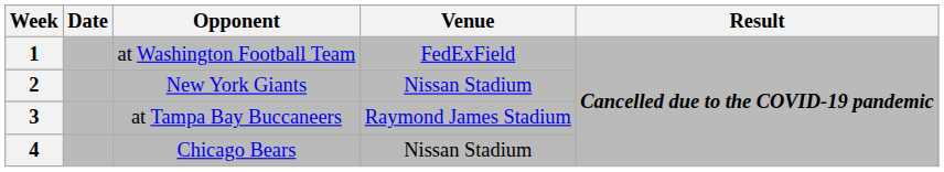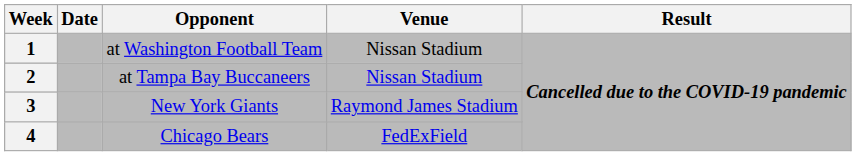 <table class="wikitable" style="text-align:center">
 <tr>
 <th>Week</th>
 <th>Date</th>
 <th>Opponent</th>
 <th>Venue</th>
 <th>Result</th>
 </tr>
 <tr style="background:#bababa">
 <th>1</th>
 <td></td>
 <td>at <a href='#'>Washington Football Team</a></td>
-<td><a href='#'>FedExField</a></td>
+<td>Nissan Stadium</td>
 <td rowspan=4><strong><em>Cancelled due to the COVID-19 pandemic</em></strong></td>
 </tr>
 <tr style="background:#bababa">
 <th>2</th>
 <td></td>
-<td><a href='#'>New York Giants</a></td>
+<td>at <a href='#'>Tampa Bay Buccaneers</a></td>
 <td><a href='#'>Nissan Stadium</a></td>
 </tr>
 <tr style="background:#bababa">
 <th>3</th>
 <td></td>
-<td>at <a href='#'>Tampa Bay Buccaneers</a></td>
+<td><a href='#'>New York Giants</a></td>
 <td><a href='#'>Raymond James Stadium</a></td>
 </tr>
 <tr style="background:#bababa">
 <th>4</th>
 <td></td>
 <td><a href='#'>Chicago Bears</a></td>
-<td>Nissan Stadium</td>
+<td><a href='#'>FedExField</a></td>
 </tr>
 </table>
